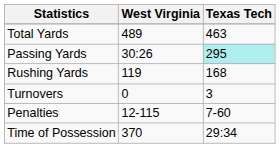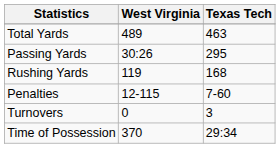 <table class="wikitable">
 <tr>
 <th>Statistics</th>
 <th>West Virginia</th>
 <th>Texas Tech</th>
 </tr>
 <tr>
 </tr>
 <tr>
 <td>Total Yards</td>
 <td>489</td>
 <td>463</td>
 </tr>
 <tr>
 <td>Passing Yards</td>
 <td>30:26</td>
-<td style="background: paleturquoise;">295</td>
+<td>295</td>
 </tr>
 <tr>
 <td>Rushing Yards</td>
 <td>119</td>
 <td>168</td>
 </tr>
 <tr>
+<td>Penalties</td>
+<td>12-115</td>
+<td>7-60</td>
+</tr>
+<tr>
 <td>Turnovers</td>
 <td>0</td>
 <td>3</td>
-</tr>
-<tr>
-<td>Penalties</td>
-<td>12-115</td>
-<td>7-60</td>
 </tr>
 <tr>
 <td>Time of Possession</td>
 <td>370</td>
 <td>29:34</td>
 </tr>
 </table>
